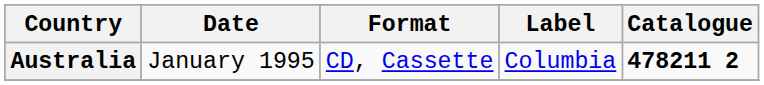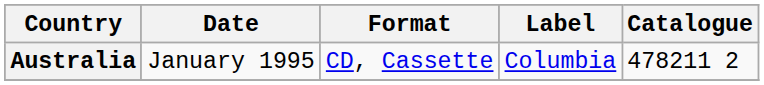 <table class="wikitable plainrowheaders">
 <tr>
 <th scope="col">Country</th>
 <th scope="col">Date</th>
 <th scope="col">Format</th>
 <th scope="col">Label</th>
 <th scope="col">Catalogue</th>
 </tr>
 <tr>
 <th scope="row">Australia</th>
 <td>January 1995</td>
 <td><a href='#'>CD</a>, <a href='#'>Cassette</a></td>
 <td><a href='#'>Columbia</a></td>
-<td><strong>478211 2</strong></td>
+<td>478211 2</td>
 </tr>
 <tr>
 </tr>
 </table>
